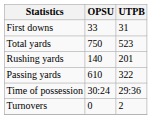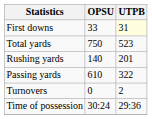 <table class="wikitable">
 <tr>
 <th>Statistics</th>
 <th>OPSU</th>
 <th>UTPB</th>
 </tr>
 <tr>
 <td>First downs</td>
 <td>33</td>
-<td>31</td>
+<td style="background: lightyellow;">31</td>
 </tr>
 <tr>
 <td>Total yards</td>
 <td>750</td>
 <td>523</td>
 </tr>
 <tr>
 <td>Rushing yards</td>
 <td>140</td>
 <td>201</td>
 </tr>
 <tr>
 <td>Passing yards</td>
 <td>610</td>
 <td>322</td>
 </tr>
 <tr>
+<td>Turnovers</td>
+<td>0</td>
+<td>2</td>
+</tr>
+<tr>
 <td>Time of possession</td>
 <td>30:24</td>
 <td>29:36</td>
 </tr>
 <tr>
-<td>Turnovers</td>
-<td>0</td>
-<td>2</td>
-</tr>
-<tr>
 </tr>
 </table>
